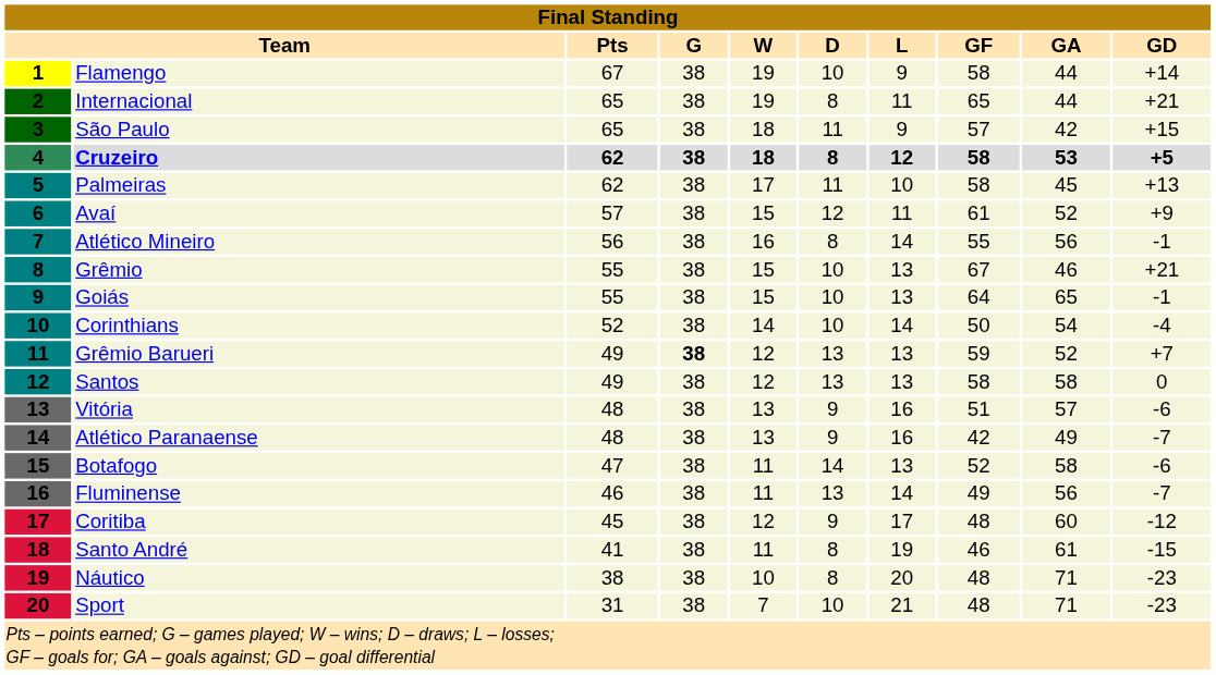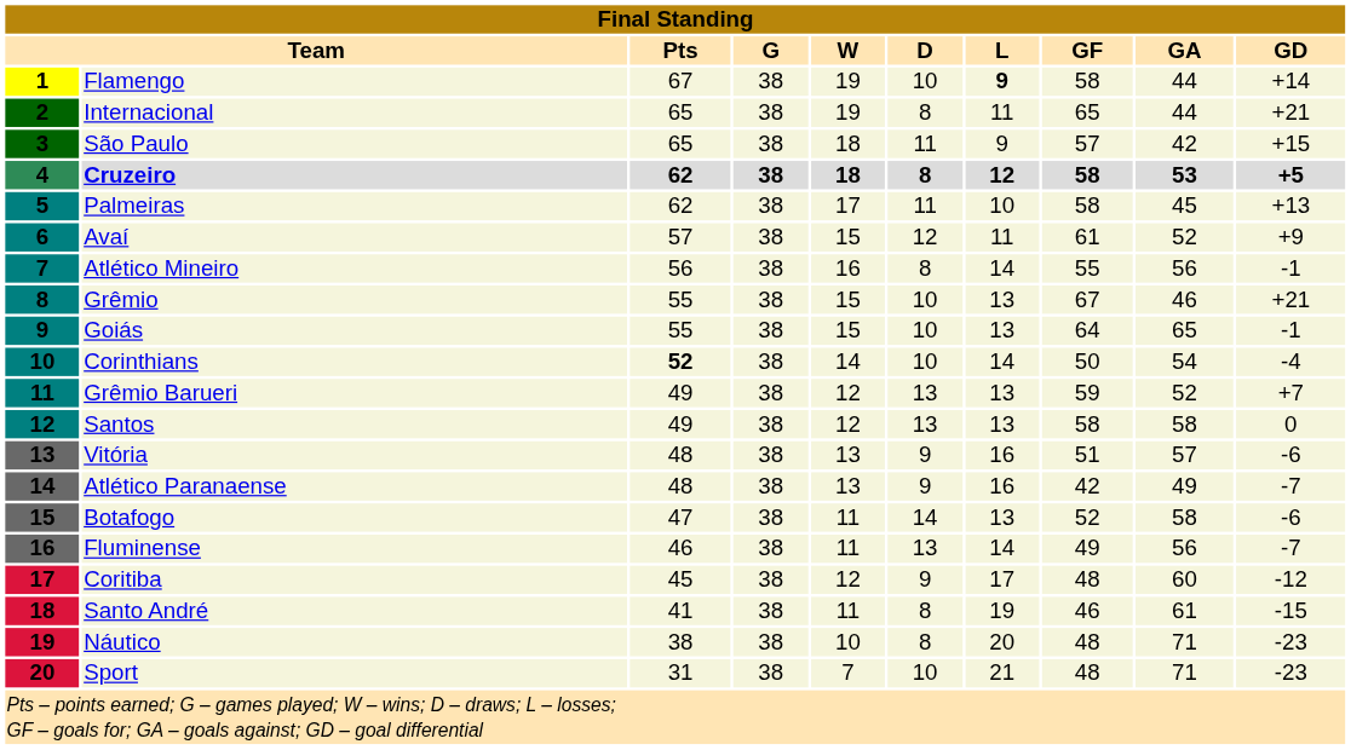 <table width=60%>
 <tr>
 <th colspan="10" bgcolor=#B8860B><span>Final Standing</span></th>
 </tr>
 <tr>
 <th colspan="2" bgcolor=#ffe5b4><span>Team</span></th>
 <th bgcolor=#ffe5b4 align="center"><span>Pts</span></th>
 <th bgcolor=#ffe5b4 align="center"><span>G</span></th>
 <th bgcolor=#ffe5b4 align="center"><span>W</span></th>
 <th bgcolor=#ffe5b4 align="center"><span>D</span></th>
 <th bgcolor=#ffe5b4 align="center"><span>L</span></th>
 <th bgcolor=#ffe5b4 align="center"><span>GF</span></th>
 <th bgcolor=#ffe5b4 align="center"><span>GA</span></th>
 <th bgcolor=#ffe5b4 align="center"><span>GD</span></th>
 </tr>
 <tr>
 <th bgcolor=#FFFF00 align="center"><span>1</span></th>
 <td bgcolor=#f5f5dc><a href='#'>Flamengo</a></td>
 <td bgcolor=#f5f5dc align="center">67</td>
 <td bgcolor=#f5f5dc align="center">38</td>
 <td bgcolor=#f5f5dc align="center">19</td>
 <td bgcolor=#f5f5dc align="center">10</td>
-<td bgcolor=#f5f5dc align="center">9</td>
+<td bgcolor=#f5f5dc align="center"><strong>9</strong></td>
 <td bgcolor=#f5f5dc align="center">58</td>
 <td bgcolor=#f5f5dc align="center">44</td>
 <td bgcolor=#f5f5dc align="center">+14</td>
 </tr>
 <tr>
 <th bgcolor=#006400 align="center"><span>2</span></th>
 <td bgcolor=#f5f5dc><a href='#'>Internacional</a></td>
 <td bgcolor=#f5f5dc align="center">65</td>
 <td bgcolor=#f5f5dc align="center">38</td>
 <td bgcolor=#f5f5dc align="center">19</td>
 <td bgcolor=#f5f5dc align="center">8</td>
 <td bgcolor=#f5f5dc align="center">11</td>
 <td bgcolor=#f5f5dc align="center">65</td>
 <td bgcolor=#f5f5dc align="center">44</td>
 <td bgcolor=#f5f5dc align="center">+21</td>
 </tr>
 <tr>
 <th bgcolor=#006400 align="center"><span>3</span></th>
 <td bgcolor=#f5f5dc><a href='#'>São Paulo</a></td>
 <td bgcolor=#f5f5dc align="center">65</td>
 <td bgcolor=#f5f5dc align="center">38</td>
 <td bgcolor=#f5f5dc align="center">18</td>
 <td bgcolor=#f5f5dc align="center">11</td>
 <td bgcolor=#f5f5dc align="center">9</td>
 <td bgcolor=#f5f5dc align="center">57</td>
 <td bgcolor=#f5f5dc align="center">42</td>
 <td bgcolor=#f5f5dc align="center">+15</td>
 </tr>
 <tr>
 <th bgcolor=#2e8b57 align="center"><span>4</span></th>
 <td bgcolor=#DCDCDC><strong><a href='#'>Cruzeiro</a></strong></td>
 <td bgcolor=#DCDCDC align="center"><strong>62</strong></td>
 <td bgcolor=#DCDCDC align="center"><strong>38</strong></td>
 <td bgcolor=#DCDCDC align="center"><strong>18</strong></td>
 <td bgcolor=#DCDCDC align="center"><strong>8</strong></td>
 <td bgcolor=#DCDCDC align="center"><strong>12</strong></td>
 <td bgcolor=#DCDCDC align="center"><strong>58</strong></td>
 <td bgcolor=#DCDCDC align="center"><strong>53</strong></td>
 <td bgcolor=#DCDCDC align="center"><strong>+5</strong></td>
 </tr>
 <tr>
 <th bgcolor=#008080 align="center"><span>5</span></th>
 <td bgcolor=#f5f5dc><a href='#'>Palmeiras</a></td>
 <td bgcolor=#f5f5dc align="center">62</td>
 <td bgcolor=#f5f5dc align="center">38</td>
 <td bgcolor=#f5f5dc align="center">17</td>
 <td bgcolor=#f5f5dc align="center">11</td>
 <td bgcolor=#f5f5dc align="center">10</td>
 <td bgcolor=#f5f5dc align="center">58</td>
 <td bgcolor=#f5f5dc align="center">45</td>
 <td bgcolor=#f5f5dc align="center">+13</td>
 </tr>
 <tr>
 <th bgcolor=#008080 align="center"><span>6</span></th>
 <td bgcolor=#f5f5dc><a href='#'>Avaí</a></td>
 <td bgcolor=#f5f5dc align="center">57</td>
 <td bgcolor=#f5f5dc align="center">38</td>
 <td bgcolor=#f5f5dc align="center">15</td>
 <td bgcolor=#f5f5dc align="center">12</td>
 <td bgcolor=#f5f5dc align="center">11</td>
 <td bgcolor=#f5f5dc align="center">61</td>
 <td bgcolor=#f5f5dc align="center">52</td>
 <td bgcolor=#f5f5dc align="center">+9</td>
 </tr>
 <tr>
 <th bgcolor=#008080 align="center"><span>7</span></th>
 <td bgcolor=#f5f5dc><a href='#'>Atlético Mineiro</a></td>
 <td bgcolor=#f5f5dc align="center">56</td>
 <td bgcolor=#f5f5dc align="center">38</td>
 <td bgcolor=#f5f5dc align="center">16</td>
 <td bgcolor=#f5f5dc align="center">8</td>
 <td bgcolor=#f5f5dc align="center">14</td>
 <td bgcolor=#f5f5dc align="center">55</td>
 <td bgcolor=#f5f5dc align="center">56</td>
 <td bgcolor=#f5f5dc align="center">-1</td>
 </tr>
 <tr>
 <th bgcolor=#008080 align="center"><span>8</span></th>
 <td bgcolor=#f5f5dc><a href='#'>Grêmio</a></td>
 <td bgcolor=#f5f5dc align="center">55</td>
 <td bgcolor=#f5f5dc align="center">38</td>
 <td bgcolor=#f5f5dc align="center">15</td>
 <td bgcolor=#f5f5dc align="center">10</td>
 <td bgcolor=#f5f5dc align="center">13</td>
 <td bgcolor=#f5f5dc align="center">67</td>
 <td bgcolor=#f5f5dc align="center">46</td>
 <td bgcolor=#f5f5dc align="center">+21</td>
 </tr>
 <tr>
 <th bgcolor=#008080 align="center"><span>9</span></th>
 <td bgcolor=#f5f5dc><a href='#'>Goiás</a></td>
 <td bgcolor=#f5f5dc align="center">55</td>
 <td bgcolor=#f5f5dc align="center">38</td>
 <td bgcolor=#f5f5dc align="center">15</td>
 <td bgcolor=#f5f5dc align="center">10</td>
 <td bgcolor=#f5f5dc align="center">13</td>
 <td bgcolor=#f5f5dc align="center">64</td>
 <td bgcolor=#f5f5dc align="center">65</td>
 <td bgcolor=#f5f5dc align="center">-1</td>
 </tr>
 <tr>
 <th bgcolor=#008080 align="center"><span>10</span></th>
 <td bgcolor=#f5f5dc><a href='#'>Corinthians</a></td>
-<td bgcolor=#f5f5dc align="center">52</td>
+<td bgcolor=#f5f5dc align="center"><strong>52</strong></td>
 <td bgcolor=#f5f5dc align="center">38</td>
 <td bgcolor=#f5f5dc align="center">14</td>
 <td bgcolor=#f5f5dc align="center">10</td>
 <td bgcolor=#f5f5dc align="center">14</td>
 <td bgcolor=#f5f5dc align="center">50</td>
 <td bgcolor=#f5f5dc align="center">54</td>
 <td bgcolor=#f5f5dc align="center">-4</td>
 </tr>
 <tr>
 <th bgcolor=#008080 align="center"><span>11</span></th>
 <td bgcolor=#f5f5dc><a href='#'>Grêmio Barueri</a></td>
 <td bgcolor=#f5f5dc align="center">49</td>
-<td bgcolor=#f5f5dc align="center"><strong>38</strong></td>
+<td bgcolor=#f5f5dc align="center">38</td>
 <td bgcolor=#f5f5dc align="center">12</td>
 <td bgcolor=#f5f5dc align="center">13</td>
 <td bgcolor=#f5f5dc align="center">13</td>
 <td bgcolor=#f5f5dc align="center">59</td>
 <td bgcolor=#f5f5dc align="center">52</td>
 <td bgcolor=#f5f5dc align="center">+7</td>
 </tr>
 <tr>
 <th bgcolor=#008080 align="center"><span>12</span></th>
 <td bgcolor=#f5f5dc><a href='#'>Santos</a></td>
 <td bgcolor=#f5f5dc align="center">49</td>
 <td bgcolor=#f5f5dc align="center">38</td>
 <td bgcolor=#f5f5dc align="center">12</td>
 <td bgcolor=#f5f5dc align="center">13</td>
 <td bgcolor=#f5f5dc align="center">13</td>
 <td bgcolor=#f5f5dc align="center">58</td>
 <td bgcolor=#f5f5dc align="center">58</td>
 <td bgcolor=#f5f5dc align="center">0</td>
 </tr>
 <tr>
 <th bgcolor=#696969 align="center"><span>13</span></th>
 <td bgcolor=#f5f5dc><a href='#'>Vitória</a></td>
 <td bgcolor=#f5f5dc align="center">48</td>
 <td bgcolor=#f5f5dc align="center">38</td>
 <td bgcolor=#f5f5dc align="center">13</td>
 <td bgcolor=#f5f5dc align="center">9</td>
 <td bgcolor=#f5f5dc align="center">16</td>
 <td bgcolor=#f5f5dc align="center">51</td>
 <td bgcolor=#f5f5dc align="center">57</td>
 <td bgcolor=#f5f5dc align="center">-6</td>
 </tr>
 <tr>
 <th bgcolor=#696969 align="center"><span>14</span></th>
 <td bgcolor=#f5f5dc><a href='#'>Atlético Paranaense</a></td>
 <td bgcolor=#f5f5dc align="center">48</td>
 <td bgcolor=#f5f5dc align="center">38</td>
 <td bgcolor=#f5f5dc align="center">13</td>
 <td bgcolor=#f5f5dc align="center">9</td>
 <td bgcolor=#f5f5dc align="center">16</td>
 <td bgcolor=#f5f5dc align="center">42</td>
 <td bgcolor=#f5f5dc align="center">49</td>
 <td bgcolor=#f5f5dc align="center">-7</td>
 </tr>
 <tr>
 <th bgcolor=#696969 align="center"><span>15</span></th>
 <td bgcolor=#f5f5dc><a href='#'>Botafogo</a></td>
 <td bgcolor=#f5f5dc align="center">47</td>
 <td bgcolor=#f5f5dc align="center">38</td>
 <td bgcolor=#f5f5dc align="center">11</td>
 <td bgcolor=#f5f5dc align="center">14</td>
 <td bgcolor=#f5f5dc align="center">13</td>
 <td bgcolor=#f5f5dc align="center">52</td>
 <td bgcolor=#f5f5dc align="center">58</td>
 <td bgcolor=#f5f5dc align="center">-6</td>
 </tr>
 <tr>
 <th bgcolor=#696969 align="center"><span>16</span></th>
 <td bgcolor=#f5f5dc><a href='#'>Fluminense</a></td>
 <td bgcolor=#f5f5dc align="center">46</td>
 <td bgcolor=#f5f5dc align="center">38</td>
 <td bgcolor=#f5f5dc align="center">11</td>
 <td bgcolor=#f5f5dc align="center">13</td>
 <td bgcolor=#f5f5dc align="center">14</td>
 <td bgcolor=#f5f5dc align="center">49</td>
 <td bgcolor=#f5f5dc align="center">56</td>
 <td bgcolor=#f5f5dc align="center">-7</td>
 </tr>
 <tr>
 <th bgcolor=#DC143C align="center"><span>17</span></th>
 <td bgcolor=#f5f5dc><a href='#'>Coritiba</a></td>
 <td bgcolor=#f5f5dc align="center">45</td>
 <td bgcolor=#f5f5dc align="center">38</td>
 <td bgcolor=#f5f5dc align="center">12</td>
 <td bgcolor=#f5f5dc align="center">9</td>
 <td bgcolor=#f5f5dc align="center">17</td>
 <td bgcolor=#f5f5dc align="center">48</td>
 <td bgcolor=#f5f5dc align="center">60</td>
 <td bgcolor=#f5f5dc align="center">-12</td>
 </tr>
 <tr>
 <th bgcolor=#DC143C align="center"><span>18</span></th>
 <td bgcolor=#f5f5dc><a href='#'>Santo André</a></td>
 <td bgcolor=#f5f5dc align="center">41</td>
 <td bgcolor=#f5f5dc align="center">38</td>
 <td bgcolor=#f5f5dc align="center">11</td>
 <td bgcolor=#f5f5dc align="center">8</td>
 <td bgcolor=#f5f5dc align="center">19</td>
 <td bgcolor=#f5f5dc align="center">46</td>
 <td bgcolor=#f5f5dc align="center">61</td>
 <td bgcolor=#f5f5dc align="center">-15</td>
 </tr>
 <tr>
 <th bgcolor=#DC143C align="center"><span>19</span></th>
 <td bgcolor=#f5f5dc><a href='#'>Náutico</a></td>
 <td bgcolor=#f5f5dc align="center">38</td>
 <td bgcolor=#f5f5dc align="center">38</td>
 <td bgcolor=#f5f5dc align="center">10</td>
 <td bgcolor=#f5f5dc align="center">8</td>
 <td bgcolor=#f5f5dc align="center">20</td>
 <td bgcolor=#f5f5dc align="center">48</td>
 <td bgcolor=#f5f5dc align="center">71</td>
 <td bgcolor=#f5f5dc align="center">-23</td>
 </tr>
 <tr>
 <th bgcolor=#DC143C align="center"><span>20</span></th>
 <td bgcolor=#f5f5dc><a href='#'>Sport</a></td>
 <td bgcolor=#f5f5dc align="center">31</td>
 <td bgcolor=#f5f5dc align="center">38</td>
 <td bgcolor=#f5f5dc align="center">7</td>
 <td bgcolor=#f5f5dc align="center">10</td>
 <td bgcolor=#f5f5dc align="center">21</td>
 <td bgcolor=#f5f5dc align="center">48</td>
 <td bgcolor=#f5f5dc align="center">71</td>
 <td bgcolor=#f5f5dc align="center">-23</td>
 </tr>
 <tr bgcolor=#ffe5b4>
 <td colspan="10"><small><em>Pts – points earned; G – games played; W – wins; D – draws; L – losses;</em><br><em>GF – goals for; GA – goals against; GD – goal differential</em></small></td>
 </tr>
 </table>
